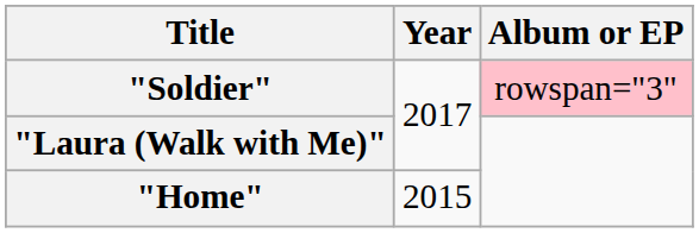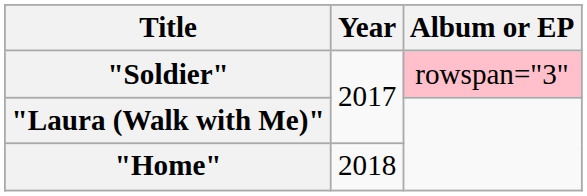 <table class="wikitable plainrowheaders" style="text-align:center;">
 <tr>
 <th scope="col">Title</th>
 <th scope="col">Year</th>
 <th scope="col">Album or EP</th>
 </tr>
 <tr>
 <th scope="row">"Soldier"</th>
 <td rowspan="2">2017</td>
 <td style="background: pink;">rowspan="3" </td>
 </tr>
 <tr>
 <th scope="row">"Laura (Walk with Me)"</th>
 </tr>
 <tr>
 <th scope="row">"Home"</th>
-<td>2015</td>
+<td>2018</td>
 </tr>
 </table>
